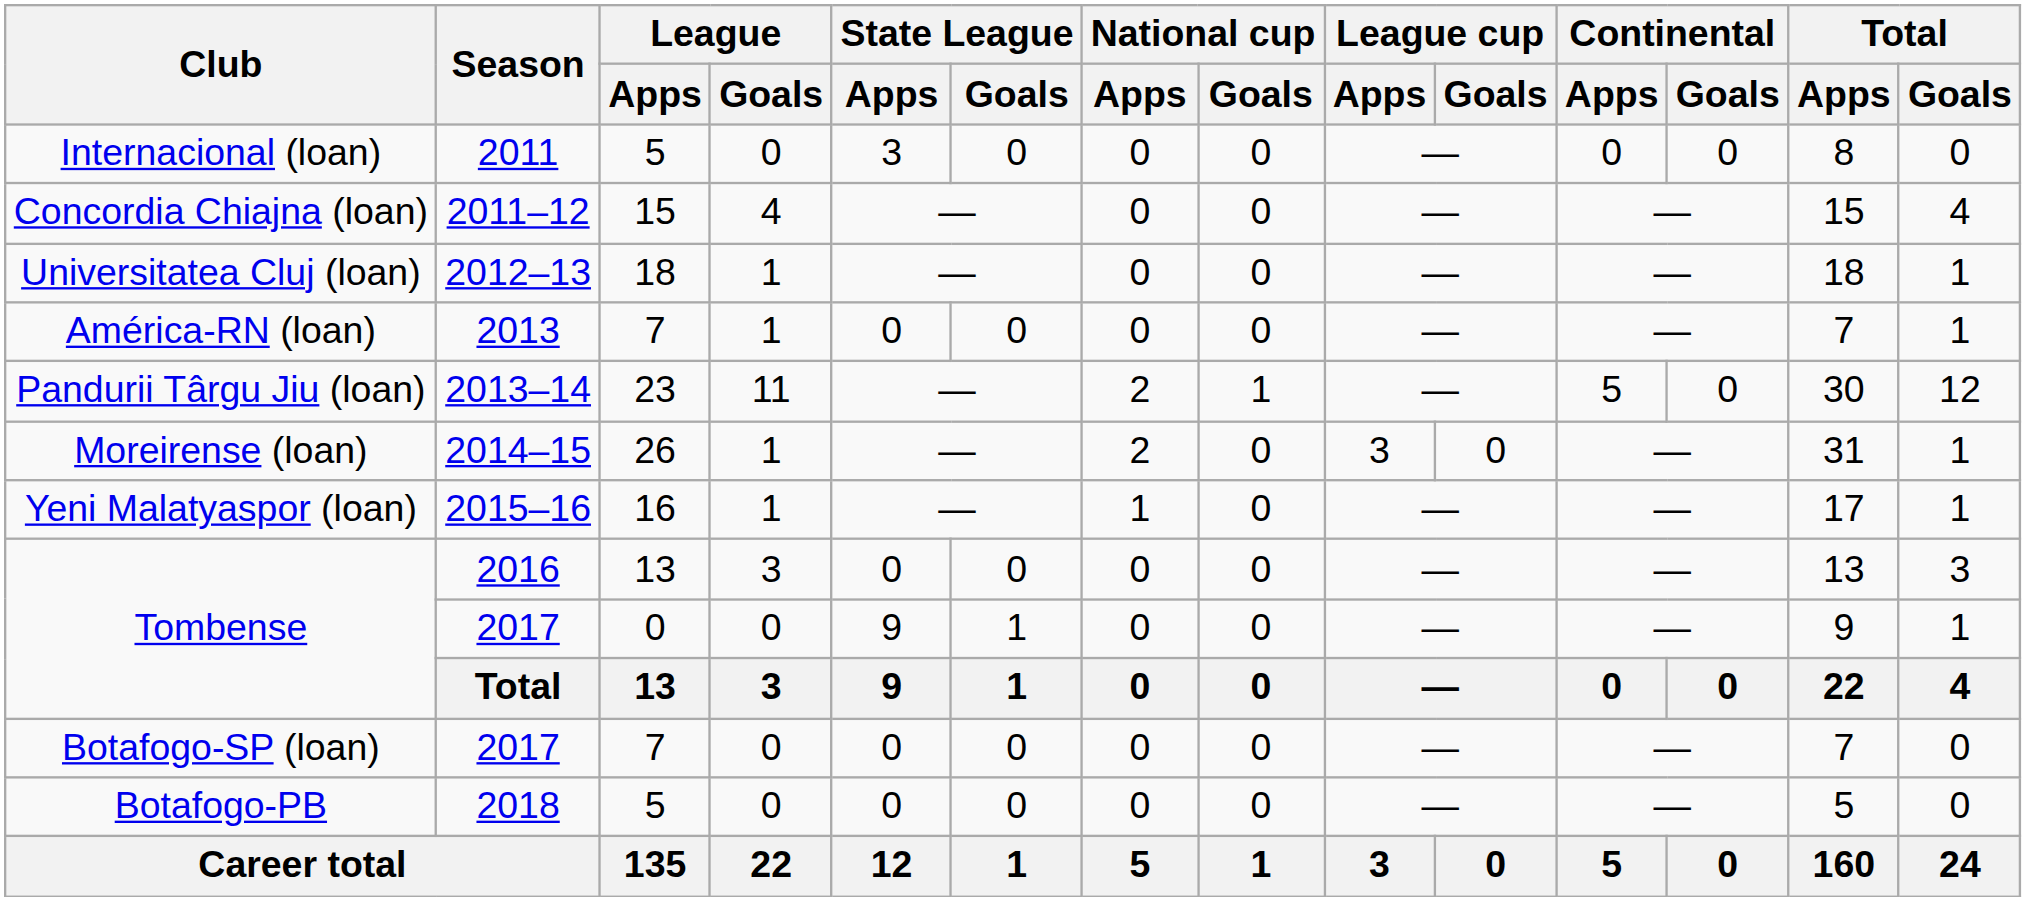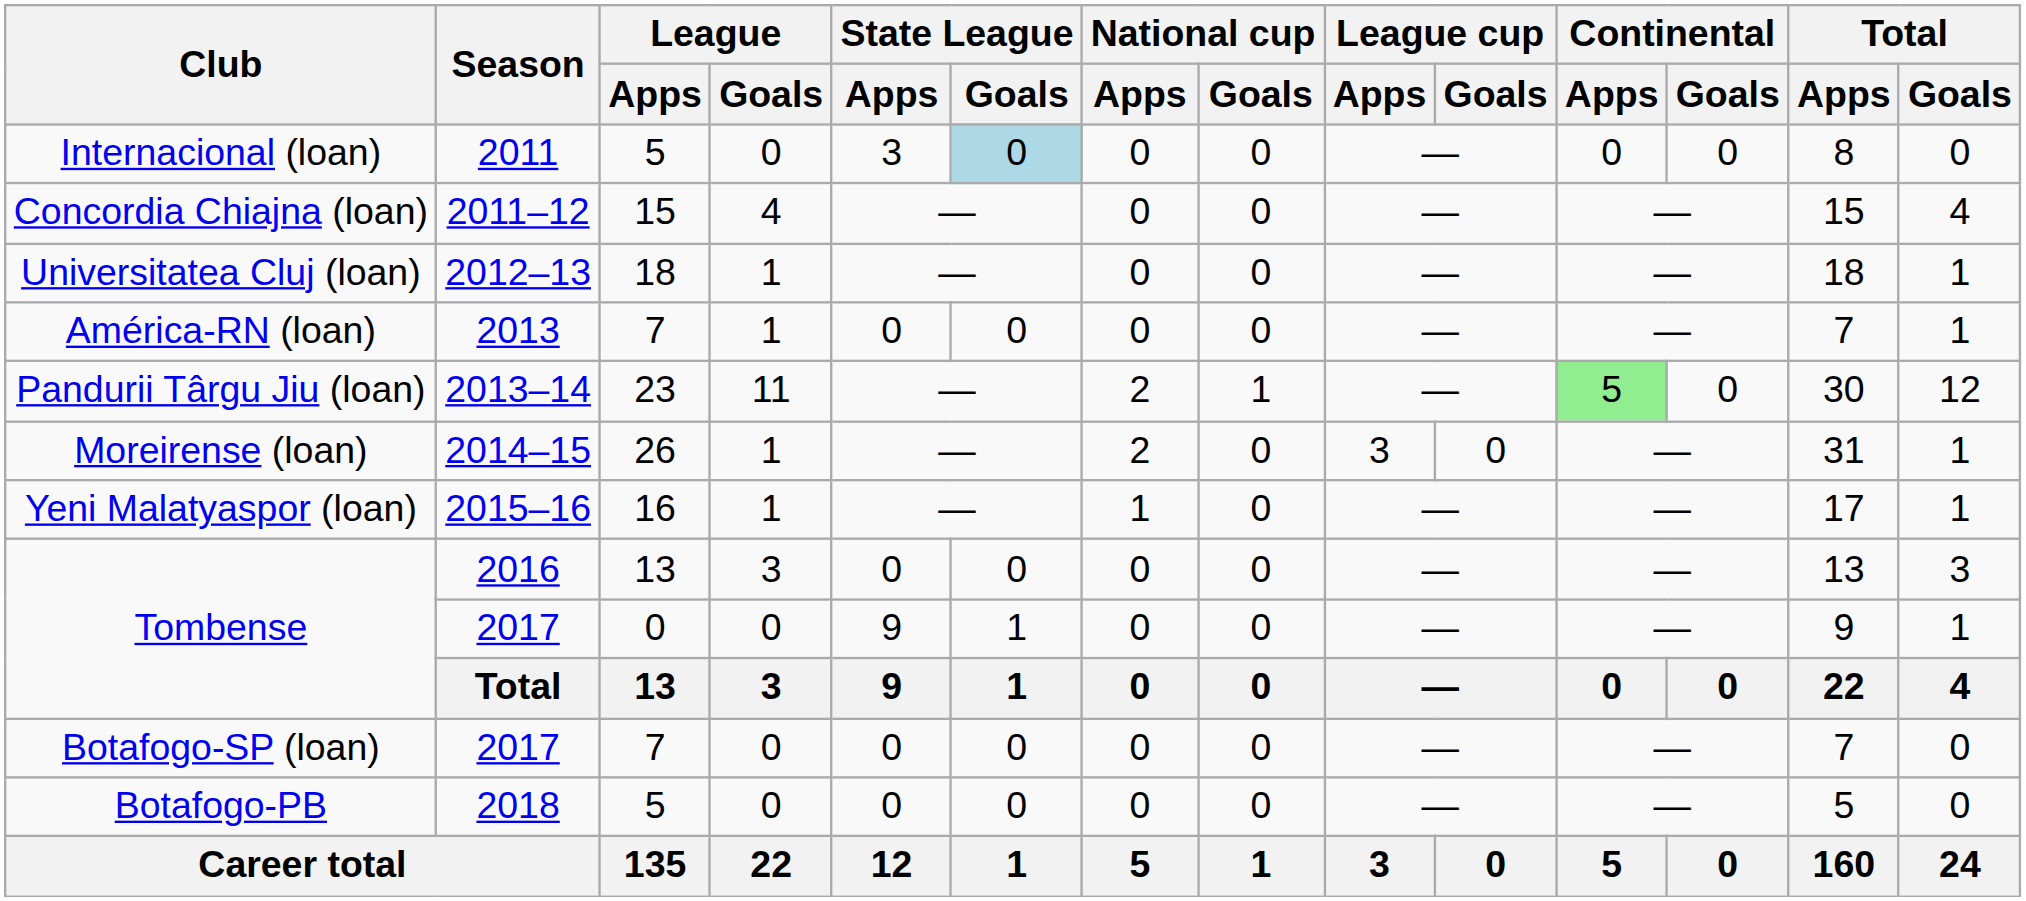 <table class="wikitable" style="text-align:center">
 <tr>
 <th rowspan="2">Club</th>
 <th rowspan="2">Season</th>
 <th colspan="2">League</th>
 <th colspan="2">State League</th>
 <th colspan="2">National cup</th>
 <th colspan="2">League cup</th>
 <th colspan="2">Continental</th>
 <th colspan="2">Total</th>
 </tr>
 <tr>
 <th>Apps</th>
 <th>Goals</th>
 <th>Apps</th>
 <th>Goals</th>
 <th>Apps</th>
 <th>Goals</th>
 <th>Apps</th>
 <th>Goals</th>
 <th>Apps</th>
 <th>Goals</th>
 <th>Apps</th>
 <th>Goals</th>
 </tr>
 <tr>
 <td><a href='#'>Internacional</a> (loan)</td>
 <td><a href='#'>2011</a></td>
 <td>5</td>
 <td>0</td>
 <td>3</td>
-<td>0</td>
+<td style="background: lightblue;">0</td>
 <td>0</td>
 <td>0</td>
 <td colspan="2">—</td>
 <td>0</td>
 <td>0</td>
 <td>8</td>
 <td>0</td>
 </tr>
 <tr>
 <td><a href='#'>Concordia Chiajna</a> (loan)</td>
 <td><a href='#'>2011–12</a></td>
 <td>15</td>
 <td>4</td>
 <td colspan="2">—</td>
 <td>0</td>
 <td>0</td>
 <td colspan="2">—</td>
 <td colspan="2">—</td>
 <td>15</td>
 <td>4</td>
 </tr>
 <tr>
 <td><a href='#'>Universitatea Cluj</a> (loan)</td>
 <td><a href='#'>2012–13</a></td>
 <td>18</td>
 <td>1</td>
 <td colspan="2">—</td>
 <td>0</td>
 <td>0</td>
 <td colspan="2">—</td>
 <td colspan="2">—</td>
 <td>18</td>
 <td>1</td>
 </tr>
 <tr>
 <td><a href='#'>América-RN</a> (loan)</td>
 <td><a href='#'>2013</a></td>
 <td>7</td>
 <td>1</td>
 <td>0</td>
 <td>0</td>
 <td>0</td>
 <td>0</td>
 <td colspan="2">—</td>
 <td colspan="2">—</td>
 <td>7</td>
 <td>1</td>
 </tr>
 <tr>
 <td><a href='#'>Pandurii Târgu Jiu</a> (loan)</td>
 <td><a href='#'>2013–14</a></td>
 <td>23</td>
 <td>11</td>
 <td colspan="2">—</td>
 <td>2</td>
 <td>1</td>
 <td colspan="2">—</td>
-<td>5</td>
+<td style="background: lightgreen;">5</td>
 <td>0</td>
 <td>30</td>
 <td>12</td>
 </tr>
 <tr>
 <td><a href='#'>Moreirense</a> (loan)</td>
 <td><a href='#'>2014–15</a></td>
 <td>26</td>
 <td>1</td>
 <td colspan="2">—</td>
 <td>2</td>
 <td>0</td>
 <td>3</td>
 <td>0</td>
 <td colspan="2">—</td>
 <td>31</td>
 <td>1</td>
 </tr>
 <tr>
 <td><a href='#'>Yeni Malatyaspor</a> (loan)</td>
 <td><a href='#'>2015–16</a></td>
 <td>16</td>
 <td>1</td>
 <td colspan="2">—</td>
 <td>1</td>
 <td>0</td>
 <td colspan="2">—</td>
 <td colspan="2">—</td>
 <td>17</td>
 <td>1</td>
 </tr>
 <tr>
 <td rowspan="3"><a href='#'>Tombense</a></td>
 <td><a href='#'>2016</a></td>
 <td>13</td>
 <td>3</td>
 <td>0</td>
 <td>0</td>
 <td>0</td>
 <td>0</td>
 <td colspan="2">—</td>
 <td colspan="2">—</td>
 <td>13</td>
 <td>3</td>
 </tr>
 <tr>
 <td><a href='#'>2017</a></td>
 <td>0</td>
 <td>0</td>
 <td>9</td>
 <td>1</td>
 <td>0</td>
 <td>0</td>
 <td colspan="2">—</td>
 <td colspan="2">—</td>
 <td>9</td>
 <td>1</td>
 </tr>
 <tr>
 <th colspan="1">Total</th>
 <th>13</th>
 <th>3</th>
 <th>9</th>
 <th>1</th>
 <th>0</th>
 <th>0</th>
 <th colspan="2">—</th>
 <th>0</th>
 <th>0</th>
 <th>22</th>
 <th>4</th>
 </tr>
 <tr>
 <td><a href='#'>Botafogo-SP</a> (loan)</td>
 <td><a href='#'>2017</a></td>
 <td>7</td>
 <td>0</td>
 <td>0</td>
 <td>0</td>
 <td>0</td>
 <td>0</td>
 <td colspan="2">—</td>
 <td colspan="2">—</td>
 <td>7</td>
 <td>0</td>
 </tr>
 <tr>
 <td><a href='#'>Botafogo-PB</a></td>
 <td><a href='#'>2018</a></td>
 <td>5</td>
 <td>0</td>
 <td>0</td>
 <td>0</td>
 <td>0</td>
 <td>0</td>
 <td colspan="2">—</td>
 <td colspan="2">—</td>
 <td>5</td>
 <td>0</td>
 </tr>
 <tr>
 <th colspan="2">Career total</th>
 <th>135</th>
 <th>22</th>
 <th>12</th>
 <th>1</th>
 <th>5</th>
 <th>1</th>
 <th>3</th>
 <th>0</th>
 <th>5</th>
 <th>0</th>
 <th>160</th>
 <th>24</th>
 </tr>
 </table>
